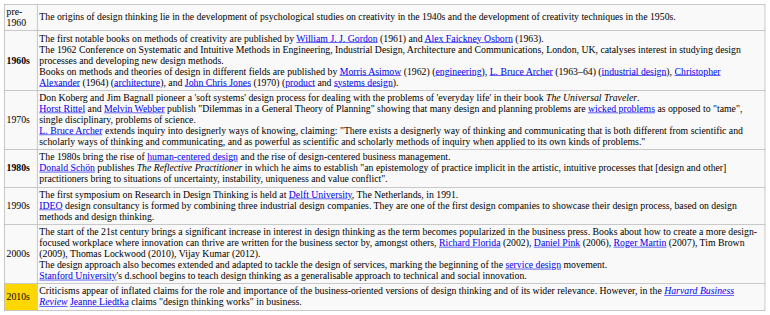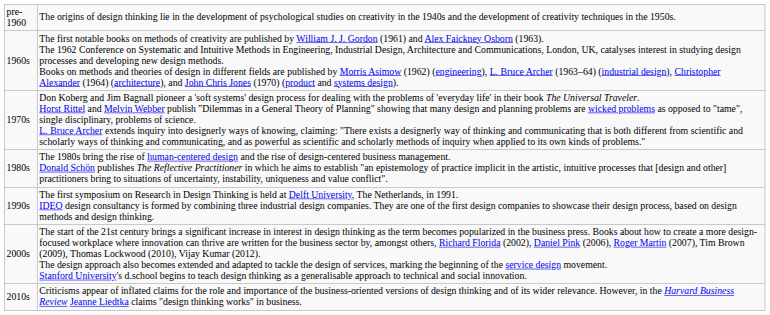 <table class="wikitable">
 <tr>
 <td>pre-1960</td>
 <td>The origins of design thinking lie in the development of psychological studies on creativity in the 1940s and the development of creativity techniques in the 1950s.</td>
 </tr>
 <tr>
-<td><strong>1960s</strong></td>
+<td>1960s</td>
 <td>The first notable books on methods of creativity are published by <a href='#'>William J. J. Gordon</a>  (1961) and <a href='#'>Alex Faickney Osborn</a> (1963).<br>The 1962 Conference on Systematic and Intuitive Methods in Engineering, Industrial Design, Architecture and Communications, London, UK, catalyses interest in studying design processes and developing new design methods.<br>Books on methods and theories of design in different fields are published by <a href='#'>Morris Asimow</a> (1962) (<a href='#'>engineering</a>), <a href='#'>L. Bruce Archer</a> (1963–64) (<a href='#'>industrial design</a>), <a href='#'>Christopher Alexander</a> (1964) (<a href='#'>architecture</a>), and <a href='#'>John Chris Jones</a> (1970) (<a href='#'>product</a> and <a href='#'>systems design</a>).</td>
 </tr>
 <tr>
 <td>1970s</td>
 <td>Don Koberg and Jim Bagnall pioneer a 'soft systems' design process for dealing with the problems of 'everyday life' in their book <em>The Universal Traveler</em>.<br><a href='#'>Horst Rittel</a> and <a href='#'>Melvin Webber</a> publish "Dilemmas in a General Theory of Planning" showing that many design and planning problems are <a href='#'>wicked problems</a> as opposed to "tame", single disciplinary, problems of science.<br><a href='#'>L. Bruce Archer</a> extends inquiry into designerly ways of knowing, claiming: "There exists a designerly way of thinking and communicating that is both different from scientific and scholarly ways of thinking and communicating, and as powerful as scientific and scholarly methods of inquiry when applied to its own kinds of problems."</td>
 </tr>
 <tr>
-<td><strong>1980s</strong></td>
+<td>1980s</td>
 <td>The 1980s bring the rise of <a href='#'>human-centered design</a> and the rise of design-centered business management.<br><a href='#'>Donald Schön</a> publishes <em>The Reflective Practitioner</em> in which he aims to establish "an epistemology of practice implicit in the artistic, intuitive processes that [design and other] practitioners bring to situations of uncertainty, instability, uniqueness and value conflict".</td>
 </tr>
 <tr>
 <td>1990s</td>
 <td>The first symposium on Research in Design Thinking is held at <a href='#'>Delft University</a>, The Netherlands, in 1991.<br><a href='#'>IDEO</a> design consultancy is formed by combining three industrial design companies. They are one of the first design companies to showcase their design process, based on design methods and design thinking.</td>
 </tr>
 <tr>
 <td>2000s</td>
 <td>The start of the 21st century brings a significant increase in interest in design thinking as the term becomes popularized in the business press. Books about how to create a more design-focused workplace where innovation can thrive are written for the business sector by, amongst others, <a href='#'>Richard Florida</a> (2002), <a href='#'>Daniel Pink</a> (2006), <a href='#'>Roger Martin</a> (2007), Tim Brown (2009), Thomas Lockwood (2010), Vijay Kumar (2012).<br>The design approach also becomes extended and adapted to tackle the design of services, marking the beginning of the <a href='#'>service design</a> movement.<br><a href='#'>Stanford University</a>'s d.school begins to teach design thinking as a generalisable approach to technical and social innovation.</td>
 </tr>
 <tr>
-<td style="background: gold;">2010s</td>
+<td>2010s</td>
 <td>Criticisms appear of inflated claims for the role and importance of the business-oriented versions of design thinking and of its wider relevance. However, in the <em><a href='#'>Harvard Business Review</a></em> <a href='#'>Jeanne Liedtka</a> claims "design thinking works" in business.</td>
 </tr>
 </table>
